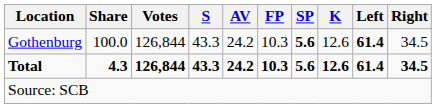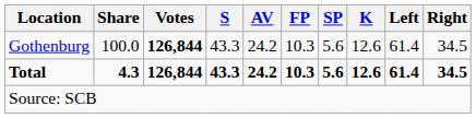 <table class="wikitable sortable" style=text-align:right>
 <tr>
 <th>Location</th>
 <th>Share</th>
 <th>Votes</th>
 <th><a href='#'>S</a></th>
 <th><a href='#'>AV</a></th>
 <th><a href='#'>FP</a></th>
 <th><a href='#'>SP</a></th>
 <th><a href='#'>K</a></th>
 <th>Left</th>
 <th>Right</th>
 </tr>
 <tr>
 <td align=left><a href='#'>Gothenburg</a></td>
 <td>100.0</td>
-<td>126,844</td>
+<td><strong>126,844</strong></td>
 <td>43.3</td>
 <td>24.2</td>
 <td>10.3</td>
-<td><strong>5.6</strong></td>
+<td>5.6</td>
 <td>12.6</td>
-<td><strong>61.4</strong></td>
+<td>61.4</td>
 <td>34.5</td>
 </tr>
 <tr>
 <td align=left><strong>Total</strong></td>
 <td><strong>4.3</strong></td>
 <td><strong>126,844</strong></td>
 <td><strong>43.3</strong></td>
 <td><strong>24.2</strong></td>
 <td><strong>10.3</strong></td>
 <td><strong>5.6</strong></td>
 <td><strong>12.6</strong></td>
 <td><strong>61.4</strong></td>
 <td><strong>34.5</strong></td>
 </tr>
 <tr>
 <td align=left colspan=10>Source: SCB </td>
 </tr>
 </table>
